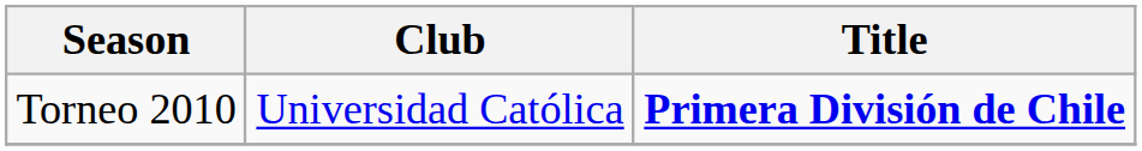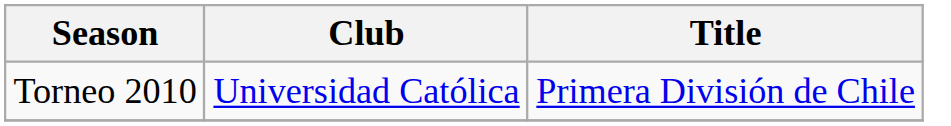 <table class="wikitable">
 <tr>
 <th>Season</th>
 <th>Club</th>
 <th>Title</th>
 </tr>
 <tr>
 <td>Torneo 2010</td>
 <td><a href='#'>Universidad Católica</a></td>
-<td><strong><a href='#'>Primera División de Chile</a></strong></td>
+<td><a href='#'>Primera División de Chile</a></td>
 </tr>
 <tr>
 </tr>
 </table>
